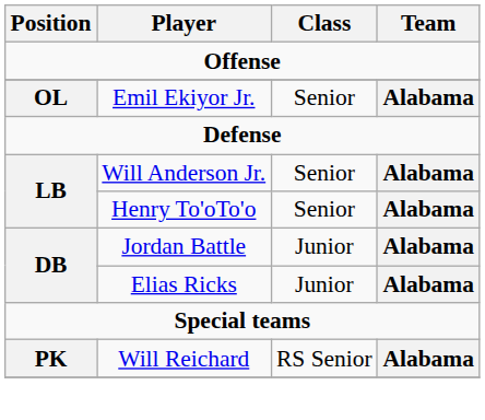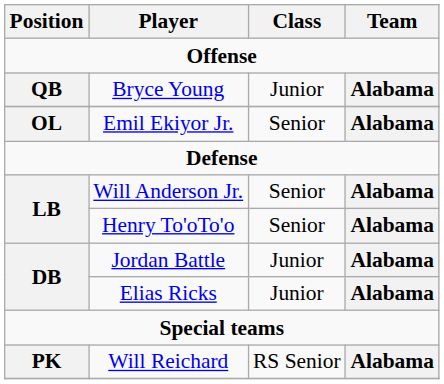 <table class="wikitable">
 <tr>
 <th>Position</th>
 <th>Player</th>
 <th>Class</th>
 <th>Team</th>
 </tr>
 <tr>
 <td colspan="4" style="text-align:center; "><strong>Offense</strong></td>
+</tr>
+<tr style="text-align:center;">
+<th rowspan="1">QB</th>
+<td><a href='#'>Bryce Young</a></td>
+<td>Junior</td>
+<th style=>Alabama</th>
 </tr>
 <tr>
 </tr>
 <tr style="text-align:center;">
 <th rowspan="1">OL</th>
 <td><a href='#'>Emil Ekiyor Jr.</a></td>
 <td>Senior</td>
 <th style=>Alabama</th>
 </tr>
 <tr>
 <td colspan="4" style="text-align:center; "><strong>Defense</strong></td>
 </tr>
 <tr style="text-align:center;">
 <th rowspan="2">LB</th>
 <td><a href='#'>Will Anderson Jr.</a></td>
 <td>Senior</td>
 <th style=>Alabama</th>
 </tr>
 <tr style="text-align:center;"=>
 <td><a href='#'>Henry To'oTo'o</a></td>
 <td>Senior</td>
 <th style=>Alabama</th>
 </tr>
 <tr style="text-align:center;">
 <th rowspan="2">DB</th>
 <td><a href='#'>Jordan Battle</a></td>
 <td>Junior</td>
 <th style=>Alabama</th>
 </tr>
 <tr style="text-align:center;">
 <td><a href='#'>Elias Ricks</a></td>
 <td>Junior</td>
 <th style=>Alabama</th>
 </tr>
 <tr>
 <td colspan="4" style="text-align:center; "><strong>Special teams</strong></td>
 </tr>
 <tr style="text-align:center;">
 <th rowspan="1">PK</th>
 <td><a href='#'>Will Reichard</a></td>
 <td>RS Senior</td>
 <th style=>Alabama</th>
 </tr>
 <tr>
 </tr>
 </table>
